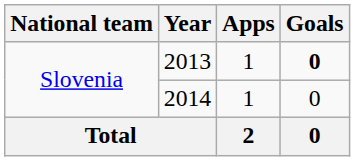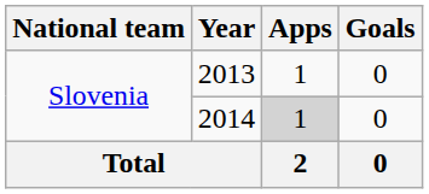 <table class="wikitable" style="text-align:center">
 <tr>
 <th>National team</th>
 <th>Year</th>
 <th>Apps</th>
 <th>Goals</th>
 </tr>
 <tr>
 <td rowspan="2"><a href='#'>Slovenia</a></td>
 <td>2013</td>
 <td>1</td>
-<td><strong>0</strong></td>
+<td>0</td>
 </tr>
 <tr>
 <td>2014</td>
-<td>1</td>
+<td style="background: lightgrey;">1</td>
 <td>0</td>
 </tr>
 <tr>
 <th colspan="2">Total</th>
 <th>2</th>
 <th>0</th>
 </tr>
 </table>
